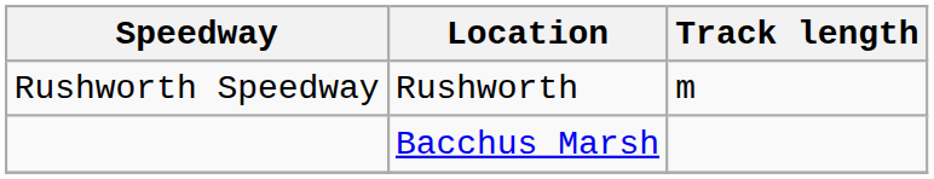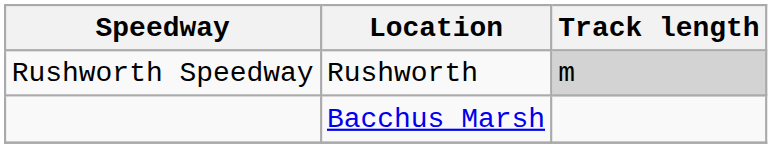 <table class="wikitable">
 <tr>
 <th>Speedway</th>
 <th>Location</th>
 <th>Track length</th>
 </tr>
 <tr>
 <td>Rushworth Speedway</td>
 <td>Rushworth</td>
-<td>m</td>
+<td style="background: lightgrey;">m</td>
 </tr>
 <tr>
 <td></td>
 <td><a href='#'>Bacchus Marsh</a></td>
 <td></td>
 </tr>
 <tr>
 </tr>
 </table>
